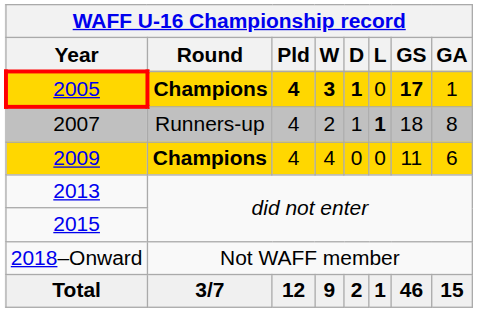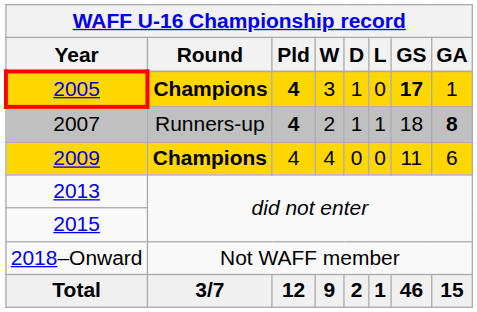 <table class="wikitable" style="text-align: center">
 <tr>
 <th colspan=8><a href='#'>WAFF U-16 Championship record</a></th>
 </tr>
 <tr>
 <th>Year</th>
 <th>Round</th>
 <th>Pld</th>
 <th>W</th>
 <th>D</th>
 <th>L</th>
 <th>GS</th>
 <th>GA</th>
 </tr>
 <tr>
 </tr>
 <tr bgcolor=gold>
 <td style="border: 3px solid red"> <a href='#'>2005</a></td>
 <td><strong>Champions </strong></td>
 <td><strong>4</strong></td>
-<td><strong>3</strong></td>
-<td><strong>1</strong></td>
+<td>3</td>
+<td>1</td>
 <td>0</td>
 <td><strong>17</strong></td>
 <td>1</td>
 </tr>
 <tr bgcolor=Silver>
 <td> 2007</td>
 <td>Runners-up</td>
-<td>4</td>
+<td><strong>4</strong></td>
 <td>2</td>
 <td>1</td>
-<td><strong>1</strong></td>
+<td>1</td>
 <td>18</td>
-<td>8</td>
+<td><strong>8</strong></td>
 </tr>
 <tr bgcolor=gold>
 <td> <a href='#'>2009</a></td>
 <td><strong>Champions </strong></td>
 <td>4</td>
 <td>4</td>
 <td>0</td>
 <td>0</td>
 <td>11</td>
 <td>6</td>
 </tr>
 <tr>
 <td> <a href='#'>2013</a></td>
 <td rowspan=2 Colspan=7><em>did not enter</em></td>
 </tr>
 <tr>
 <td> <a href='#'>2015</a></td>
 </tr>
 <tr>
 <td><a href='#'>2018</a>–Onward</td>
 <td colspan="8">Not WAFF member</td>
 </tr>
 <tr style="background:#f0f0f0;font-weight:bold;">
 <td>Total</td>
 <td>3/7</td>
 <td>12</td>
 <td>9</td>
 <td>2</td>
 <td>1</td>
 <td>46</td>
 <td>15</td>
 </tr>
 </table>
